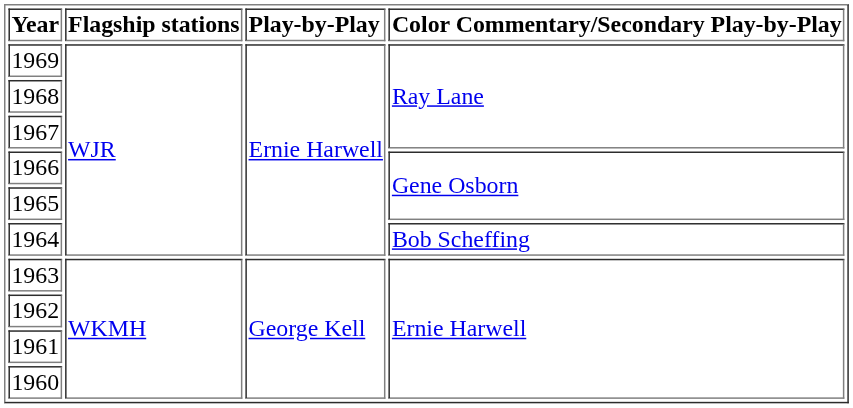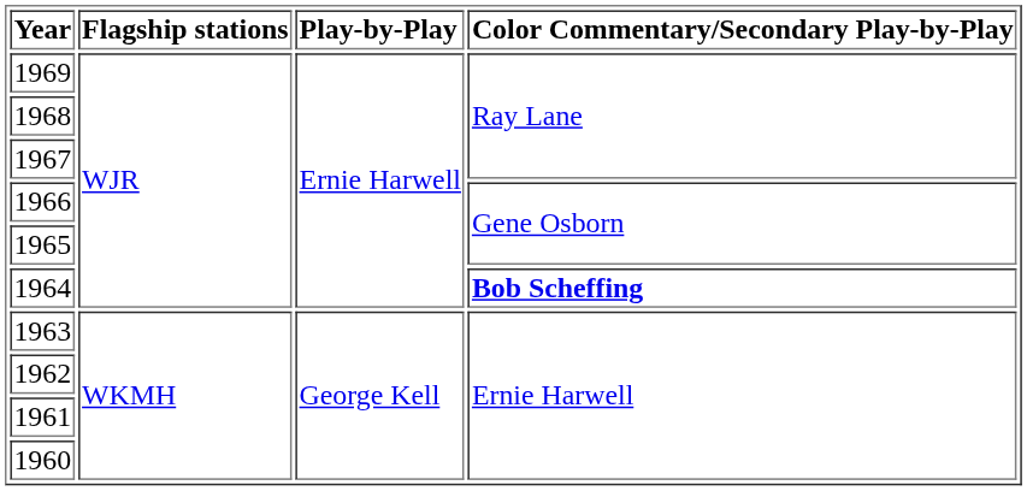 <table border="1" cellpadding="1">
 <tr>
 <td><strong>Year</strong></td>
 <td><strong>Flagship stations</strong></td>
 <td><strong>Play-by-Play</strong></td>
 <td><strong>Color Commentary/Secondary Play-by-Play</strong></td>
 </tr>
 <tr>
 <td>1969</td>
 <td rowspan=6><a href='#'>WJR</a></td>
 <td rowspan=6><a href='#'>Ernie Harwell</a></td>
 <td rowspan=3><a href='#'>Ray Lane</a></td>
 </tr>
 <tr>
 <td>1968</td>
 </tr>
 <tr>
 <td>1967</td>
 </tr>
 <tr>
 <td>1966</td>
 <td rowspan=2><a href='#'>Gene Osborn</a></td>
 </tr>
 <tr>
 <td>1965</td>
 </tr>
 <tr>
 <td>1964</td>
-<td><a href='#'>Bob Scheffing</a></td>
+<td><strong><a href='#'>Bob Scheffing</a></strong></td>
 </tr>
 <tr>
 <td>1963</td>
 <td rowspan=4><a href='#'>WKMH</a></td>
 <td rowspan=4><a href='#'>George Kell</a></td>
 <td rowspan=4><a href='#'>Ernie Harwell</a></td>
 </tr>
 <tr>
 <td>1962</td>
 </tr>
 <tr>
 <td>1961</td>
 </tr>
 <tr>
 <td>1960</td>
 </tr>
 </table>
